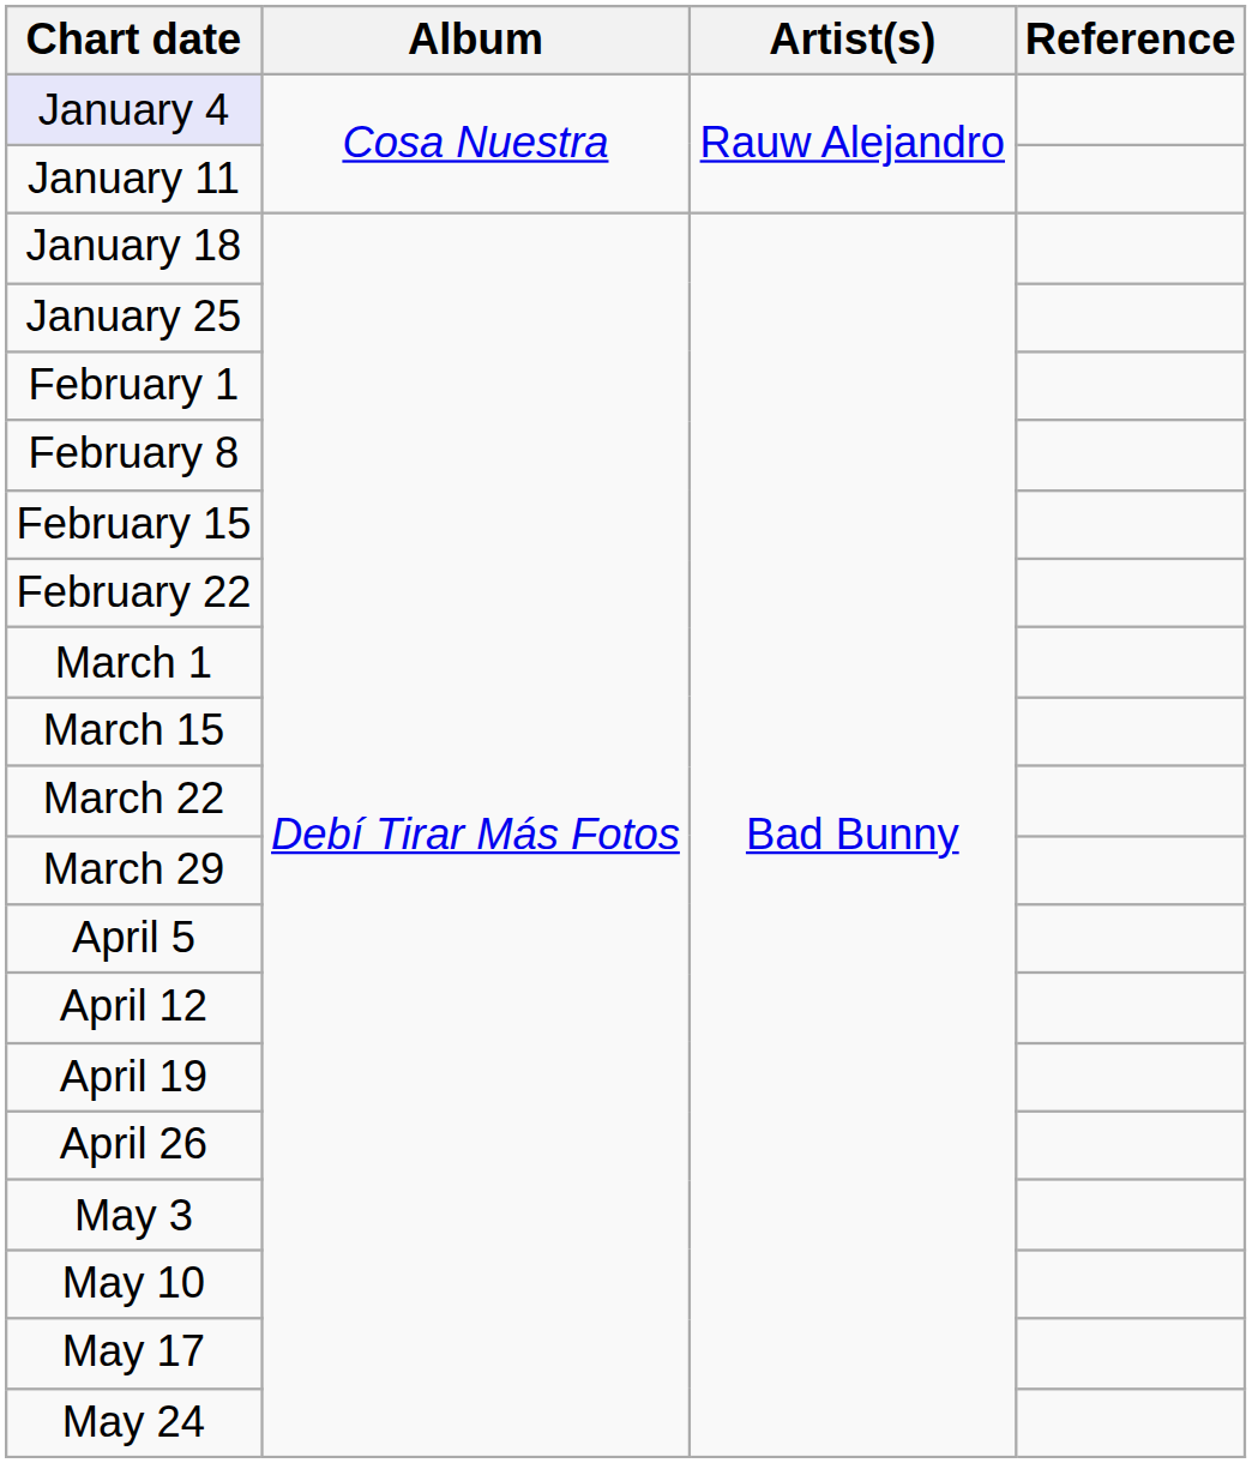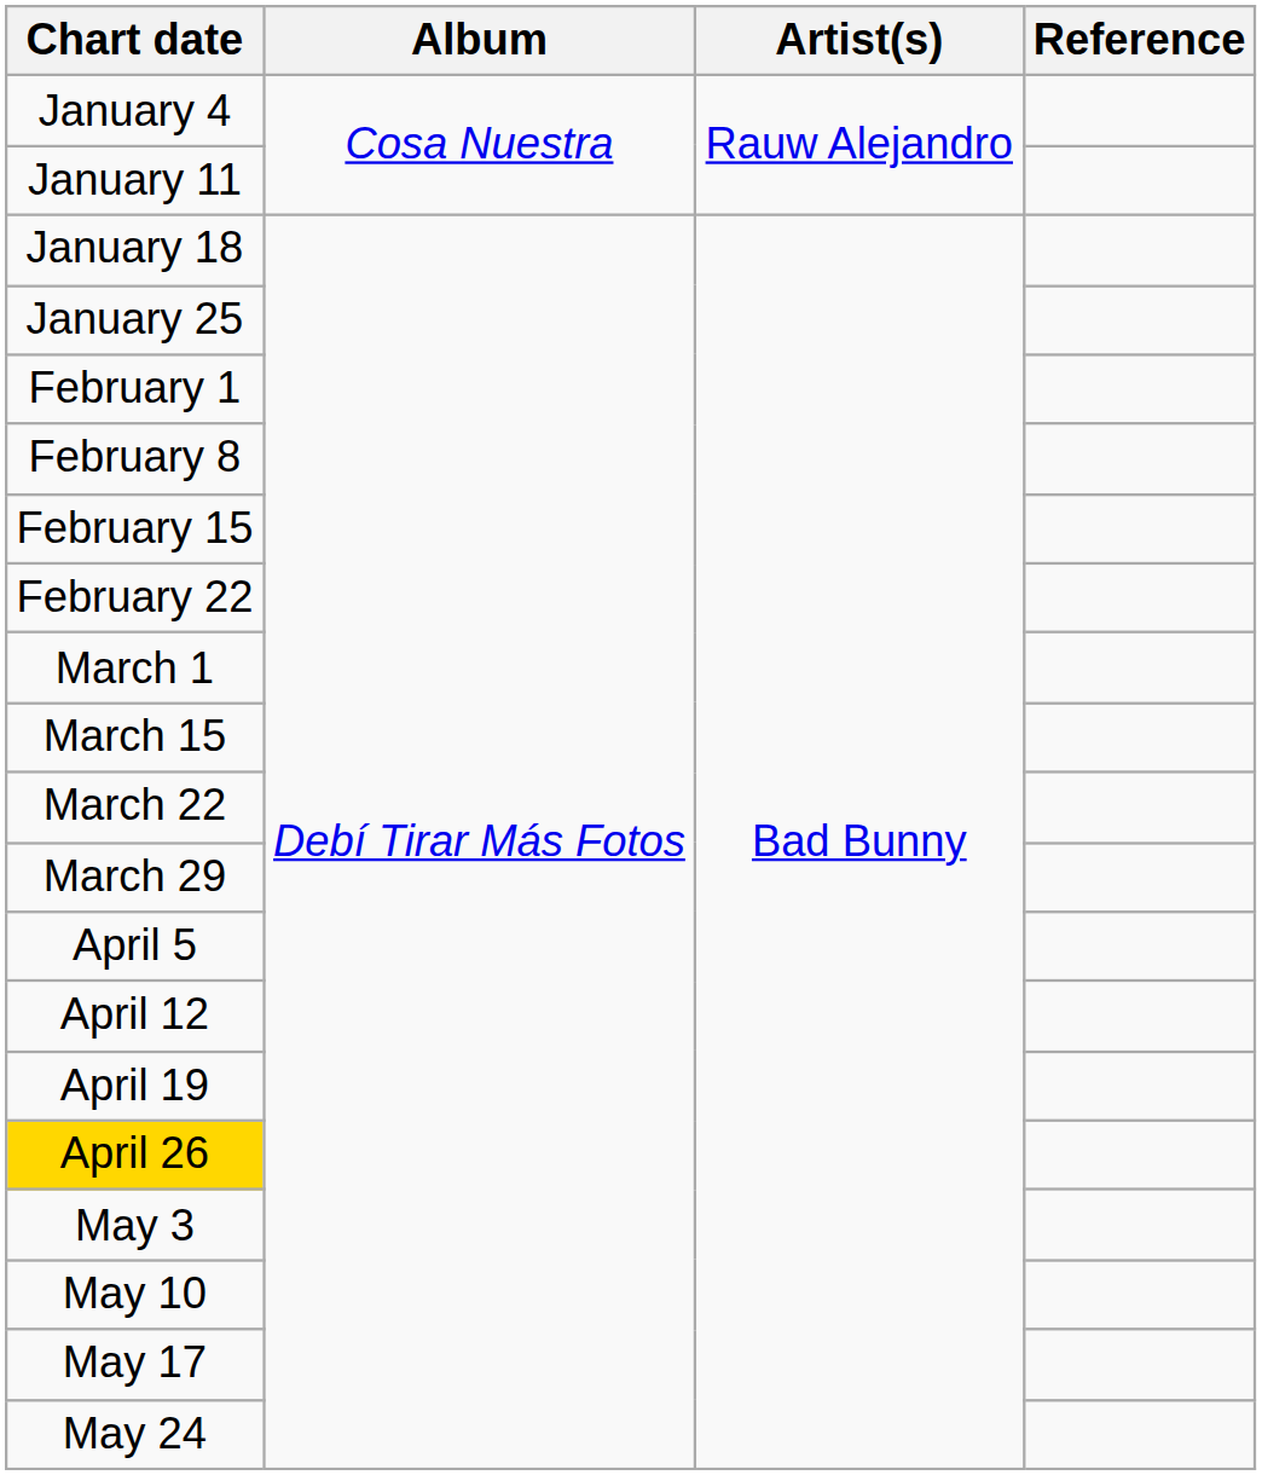 <table class="wikitable" border="1" style="text-align: center">
 <tr>
 <th>Chart date</th>
 <th>Album</th>
 <th>Artist(s)</th>
 <th class="unsortable">Reference</th>
 </tr>
 <tr>
-<td style="background: lavender;">January 4</td>
+<td>January 4</td>
 <td rowspan=2><em><a href='#'>Cosa Nuestra</a></em></td>
 <td rowspan=2><a href='#'>Rauw Alejandro</a></td>
 <td></td>
 </tr>
 <tr>
 <td>January 11</td>
 <td></td>
 </tr>
 <tr>
 <td>January 18</td>
 <td rowspan=19><em><a href='#'>Debí Tirar Más Fotos</a></em></td>
 <td rowspan=19><a href='#'>Bad Bunny</a></td>
 <td></td>
 </tr>
 <tr>
 <td>January 25</td>
 <td></td>
 </tr>
 <tr>
 <td>February 1</td>
 <td></td>
 </tr>
 <tr>
 <td>February 8</td>
 <td></td>
 </tr>
 <tr>
 <td>February 15</td>
 <td></td>
 </tr>
 <tr>
 <td>February 22</td>
 <td></td>
 </tr>
 <tr>
 <td>March 1</td>
 <td></td>
 </tr>
 <tr>
 <td>March 15</td>
 <td></td>
 </tr>
 <tr>
 <td>March 22</td>
 <td></td>
 </tr>
 <tr>
 <td>March 29</td>
 <td></td>
 </tr>
 <tr>
 <td>April 5</td>
 <td></td>
 </tr>
 <tr>
 <td>April 12</td>
 <td></td>
 </tr>
 <tr>
 <td>April 19</td>
 <td></td>
 </tr>
 <tr>
-<td>April 26</td>
+<td style="background: gold;">April 26</td>
 <td></td>
 </tr>
 <tr>
 <td>May 3</td>
 <td></td>
 </tr>
 <tr>
 <td>May 10</td>
 <td></td>
 </tr>
 <tr>
 <td>May 17</td>
 <td></td>
 </tr>
 <tr>
 <td>May 24</td>
 <td></td>
 </tr>
 </table>
